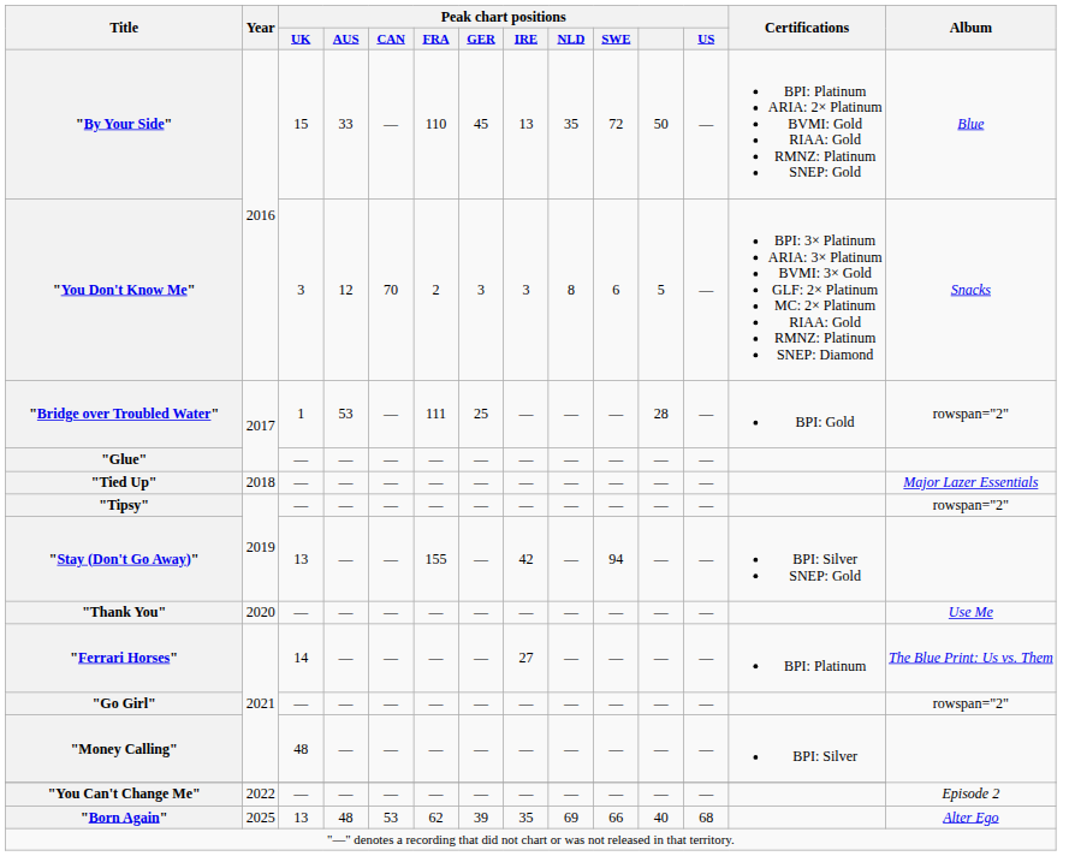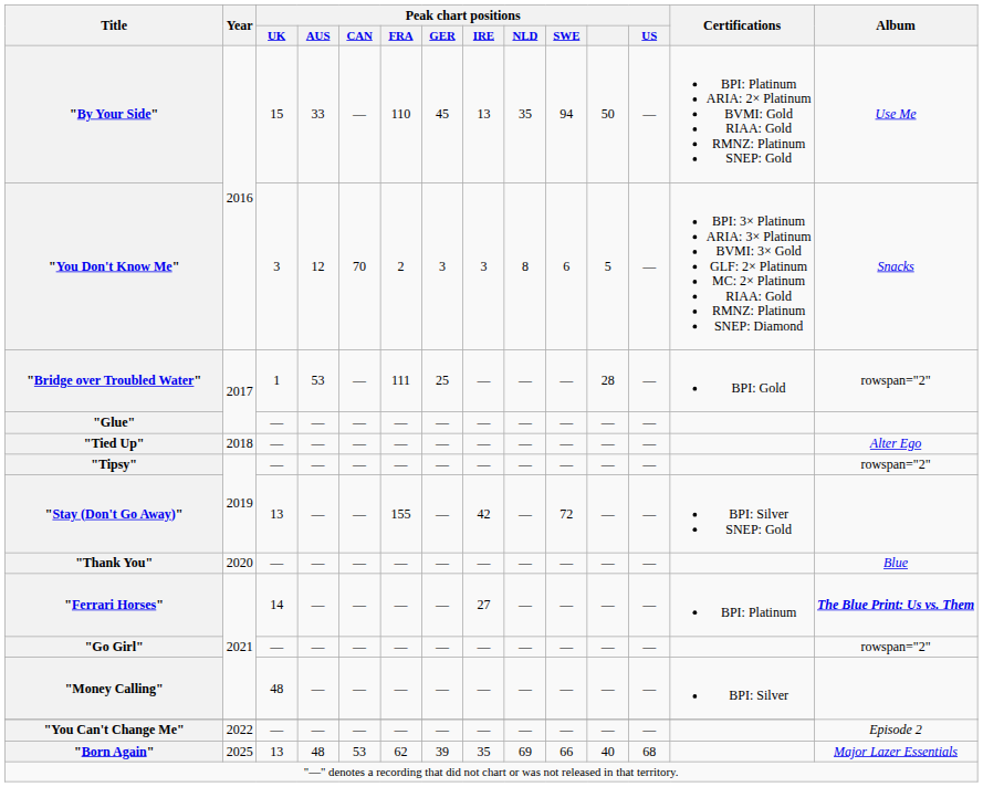 <table class="wikitable plainrowheaders" style="text-align:center;">
 <tr>
 <th scope="col" rowspan="2" style="width:16em;">Title</th>
 <th scope="col" rowspan="2">Year</th>
 <th scope="col" colspan="10">Peak chart positions</th>
 <th scope="col" rowspan="2">Certifications</th>
 <th scope="col" rowspan="2">Album</th>
 </tr>
 <tr>
 <th scope="col" style="width:3em;font-size:90%;"><a href='#'>UK</a><br></th>
 <th scope="col" style="width:3em;font-size:90%;"><a href='#'>AUS</a><br></th>
 <th scope="col" style="width:3em;font-size:90%;"><a href='#'>CAN</a><br></th>
 <th scope="col" style="width:3em;font-size:90%;"><a href='#'>FRA</a><br></th>
 <th scope="col" style="width:3em;font-size:90%;"><a href='#'>GER</a><br></th>
 <th scope="col" style="width:3em;font-size:90%;"><a href='#'>IRE</a><br></th>
 <th scope="col" style="width:3em;font-size:90%;"><a href='#'>NLD</a><br></th>
 <th scope="col" style="width:3em;font-size:90%;"><a href='#'>SWE</a><br></th>
 <th scope="col" style="width:3em;font-size:90%;"><a href='#'></a><br></th>
 <th scope="col" style="width:3em;font-size:90%;"><a href='#'>US</a><br></th>
 </tr>
 <tr>
 <th scope="row">"<a href='#'>By Your Side</a>"<br></th>
 <td rowspan="2">2016</td>
 <td>15</td>
 <td>33</td>
 <td>—</td>
 <td>110</td>
 <td>45</td>
 <td>13</td>
 <td>35</td>
-<td>72</td>
+<td>94</td>
 <td>50</td>
 <td>—</td>
 <td><br><ul><li>BPI: Platinum</li><li>ARIA: 2× Platinum</li><li>BVMI: Gold</li><li>RIAA: Gold</li><li>RMNZ: Platinum</li><li>SNEP: Gold</li></ul></td>
-<td><em><a href='#'>Blue</a></em></td>
+<td><em><a href='#'>Use Me</a></em></td>
 </tr>
 <tr>
 <th scope="row">"<a href='#'>You Don't Know Me</a>"<br></th>
 <td>3</td>
 <td>12</td>
 <td>70</td>
 <td>2</td>
 <td>3</td>
 <td>3</td>
 <td>8</td>
 <td>6</td>
 <td>5</td>
 <td>—</td>
 <td><br><ul><li>BPI: 3× Platinum</li><li>ARIA: 3× Platinum</li><li>BVMI: 3× Gold</li><li>GLF: 2× Platinum</li><li>MC: 2× Platinum</li><li>RIAA: Gold</li><li>RMNZ: Platinum</li><li>SNEP: Diamond</li></ul></td>
 <td><em><a href='#'>Snacks</a></em></td>
 </tr>
 <tr>
 <th scope="row">"<a href='#'>Bridge over Troubled Water</a>"<br></th>
 <td rowspan="2">2017</td>
 <td>1</td>
 <td>53</td>
 <td>—</td>
 <td>111</td>
 <td>25</td>
 <td>—</td>
 <td>—</td>
 <td>—</td>
 <td>28</td>
 <td>—</td>
 <td><br><ul><li>BPI: Gold</li></ul></td>
 <td>rowspan="2" </td>
 </tr>
 <tr>
 <th scope="row">"Glue"<br></th>
 <td>—</td>
 <td>—</td>
 <td>—</td>
 <td>—</td>
 <td>—</td>
 <td>—</td>
 <td>—</td>
 <td>—</td>
 <td>—</td>
 <td>—</td>
 <td></td>
 </tr>
 <tr>
 <th scope="row">"Tied Up"<br></th>
 <td>2018</td>
 <td>—</td>
 <td>—</td>
 <td>—</td>
 <td>—</td>
 <td>—</td>
 <td>—</td>
 <td>—</td>
 <td>—</td>
 <td>—</td>
 <td>—</td>
 <td></td>
-<td><em><a href='#'>Major Lazer Essentials</a></em></td>
+<td><em><a href='#'>Alter Ego</a></em></td>
 </tr>
 <tr>
 <th scope="row">"Tipsy"<br></th>
 <td rowspan="2">2019</td>
 <td>—</td>
 <td>—</td>
 <td>—</td>
 <td>—</td>
 <td>—</td>
 <td>—</td>
 <td>—</td>
 <td>—</td>
 <td>—</td>
 <td>—</td>
 <td></td>
 <td>rowspan="2" </td>
 </tr>
 <tr>
 <th scope="row">"<a href='#'>Stay (Don't Go Away)</a>"<br></th>
 <td>13</td>
 <td>—</td>
 <td>—</td>
 <td>155</td>
 <td>—</td>
 <td>42</td>
 <td>—</td>
-<td>94</td>
+<td>72</td>
 <td>—</td>
 <td>—</td>
 <td><br><ul><li>BPI: Silver</li><li>SNEP: Gold</li></ul></td>
 </tr>
 <tr>
 <th scope="row">"Thank You"<br></th>
 <td>2020</td>
 <td>—</td>
 <td>—</td>
 <td>—</td>
 <td>—</td>
 <td>—</td>
 <td>—</td>
 <td>—</td>
 <td>—</td>
 <td>—</td>
 <td>—</td>
 <td></td>
-<td><em><a href='#'>Use Me</a></em></td>
+<td><em><a href='#'>Blue</a></em></td>
 </tr>
 <tr>
 <th scope="row">"<a href='#'>Ferrari Horses</a>"<br></th>
 <td rowspan="3">2021</td>
 <td>14</td>
 <td>—</td>
 <td>—</td>
 <td>—</td>
 <td>—</td>
 <td>27</td>
 <td>—</td>
 <td>—</td>
 <td>—</td>
 <td>—</td>
 <td><br><ul><li>BPI: Platinum</li></ul></td>
-<td><em><a href='#'>The Blue Print: Us vs. Them</a></em></td>
+<td><strong><em><a href='#'>The Blue Print: Us vs. Them</a></em></strong></td>
 </tr>
 <tr>
 <th scope="row">"Go Girl"<br></th>
 <td>—</td>
 <td>—</td>
 <td>—</td>
 <td>—</td>
 <td>—</td>
 <td>—</td>
 <td>—</td>
 <td>—</td>
 <td>—</td>
 <td>—</td>
 <td></td>
 <td>rowspan="2" </td>
 </tr>
 <tr>
 <th scope="row">"Money Calling"<br></th>
 <td>48</td>
 <td>—</td>
 <td>—</td>
 <td>—</td>
 <td>—</td>
 <td>—</td>
 <td>—</td>
 <td>—</td>
 <td>—</td>
 <td>—</td>
 <td><br><ul><li>BPI: Silver</li></ul></td>
 </tr>
 <tr>
 </tr>
 <tr>
 <th scope="row">"You Can't Change Me"<br></th>
 <td>2022</td>
 <td>—</td>
 <td>—</td>
 <td>—</td>
 <td>—</td>
 <td>—</td>
 <td>—</td>
 <td>—</td>
 <td>—</td>
 <td>—</td>
 <td>—</td>
 <td></td>
 <td><em>Episode 2</em></td>
 </tr>
 <tr>
 <th scope="row">"<a href='#'>Born Again</a>"<br></th>
 <td>2025</td>
 <td>13</td>
 <td>48</td>
 <td>53</td>
 <td>62</td>
 <td>39</td>
 <td>35</td>
 <td>69</td>
 <td>66</td>
 <td>40</td>
 <td>68</td>
 <td></td>
-<td><em><a href='#'>Alter Ego</a></em></td>
+<td><em><a href='#'>Major Lazer Essentials</a></em></td>
 </tr>
 <tr>
 <td colspan="14" style="font-size:90%">"—" denotes a recording that did not chart or was not released in that territory.</td>
 </tr>
 </table>
